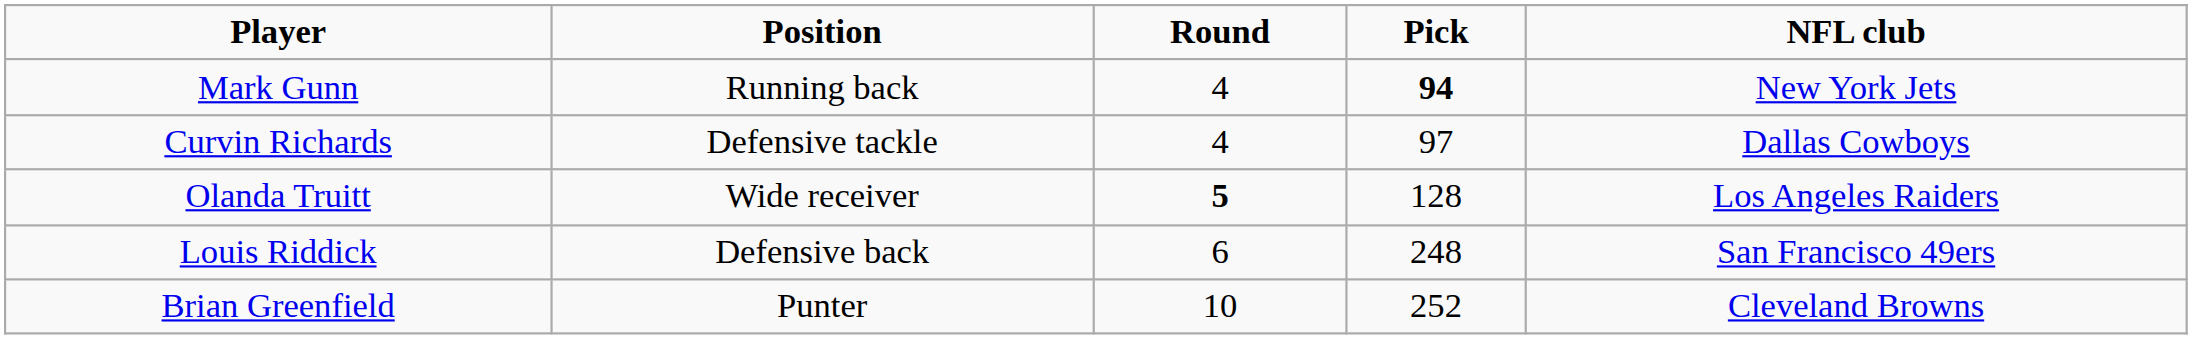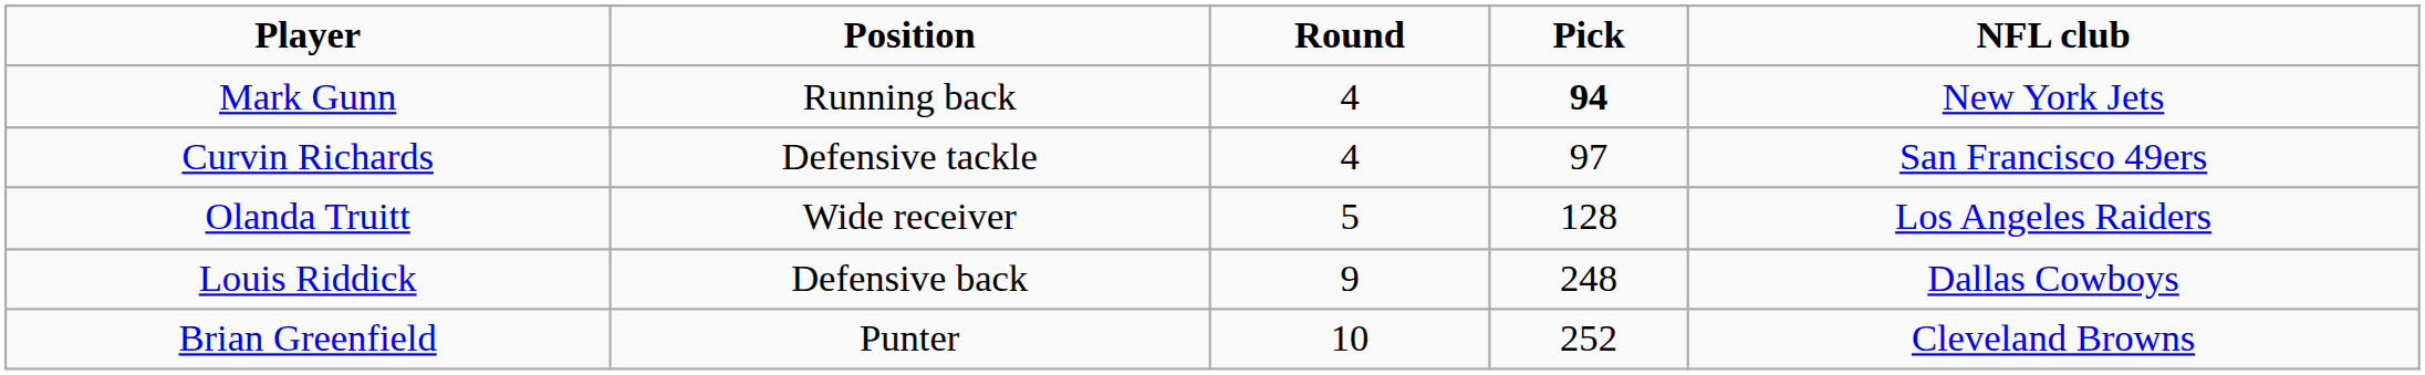 <table class="wikitable" style="width:80%;">
 <tr style="text-align:center; ">
 <td><strong>Player</strong></td>
 <td><strong>Position</strong></td>
 <td><strong>Round</strong></td>
 <td><strong>Pick</strong></td>
 <td><strong>NFL club</strong></td>
 </tr>
 <tr style="text-align:center;" bgcolor="">
 <td><a href='#'>Mark Gunn</a></td>
 <td>Running back</td>
 <td>4</td>
 <td><strong>94</strong></td>
 <td><a href='#'>New York Jets</a></td>
 </tr>
 <tr style="text-align:center;" bgcolor="">
 <td><a href='#'>Curvin Richards</a></td>
 <td>Defensive tackle</td>
 <td>4</td>
 <td>97</td>
-<td><a href='#'>Dallas Cowboys</a></td>
+<td><a href='#'>San Francisco 49ers</a></td>
 </tr>
 <tr style="text-align:center;" bgcolor="">
 <td><a href='#'>Olanda Truitt</a></td>
 <td>Wide receiver</td>
-<td><strong>5</strong></td>
+<td>5</td>
 <td>128</td>
 <td><a href='#'>Los Angeles Raiders</a></td>
 </tr>
 <tr style="text-align:center;" bgcolor="">
 <td><a href='#'>Louis Riddick</a></td>
 <td>Defensive back</td>
-<td>6</td>
+<td>9</td>
 <td>248</td>
-<td><a href='#'>San Francisco 49ers</a></td>
+<td><a href='#'>Dallas Cowboys</a></td>
 </tr>
 <tr style="text-align:center;" bgcolor="">
 <td><a href='#'>Brian Greenfield</a></td>
 <td>Punter</td>
 <td>10</td>
 <td>252</td>
 <td><a href='#'>Cleveland Browns</a></td>
 </tr>
 </table>
